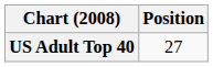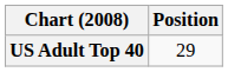 <table class="wikitable plainrowheaders">
 <tr>
 <th>Chart (2008)</th>
 <th>Position</th>
 </tr>
 <tr>
 <th scope="row">US Adult Top 40</th>
-<td style="text-align:center;">27</td>
+<td style="text-align:center;">29</td>
 </tr>
 </table>
